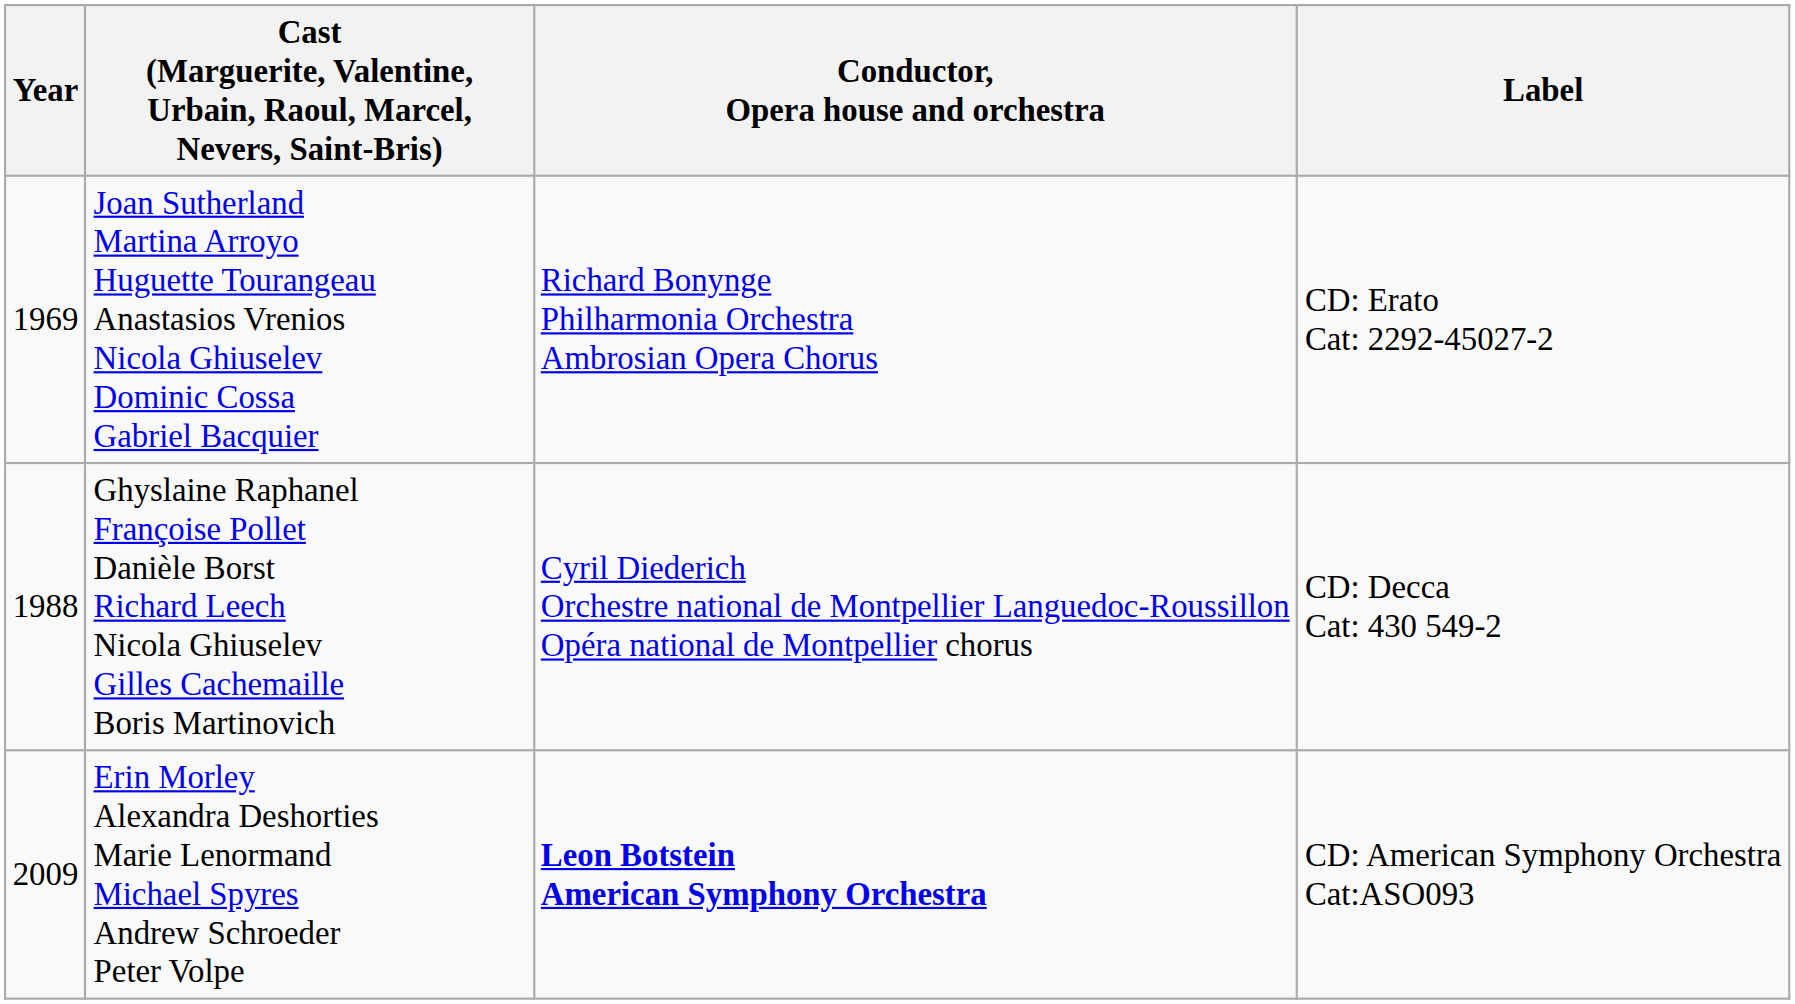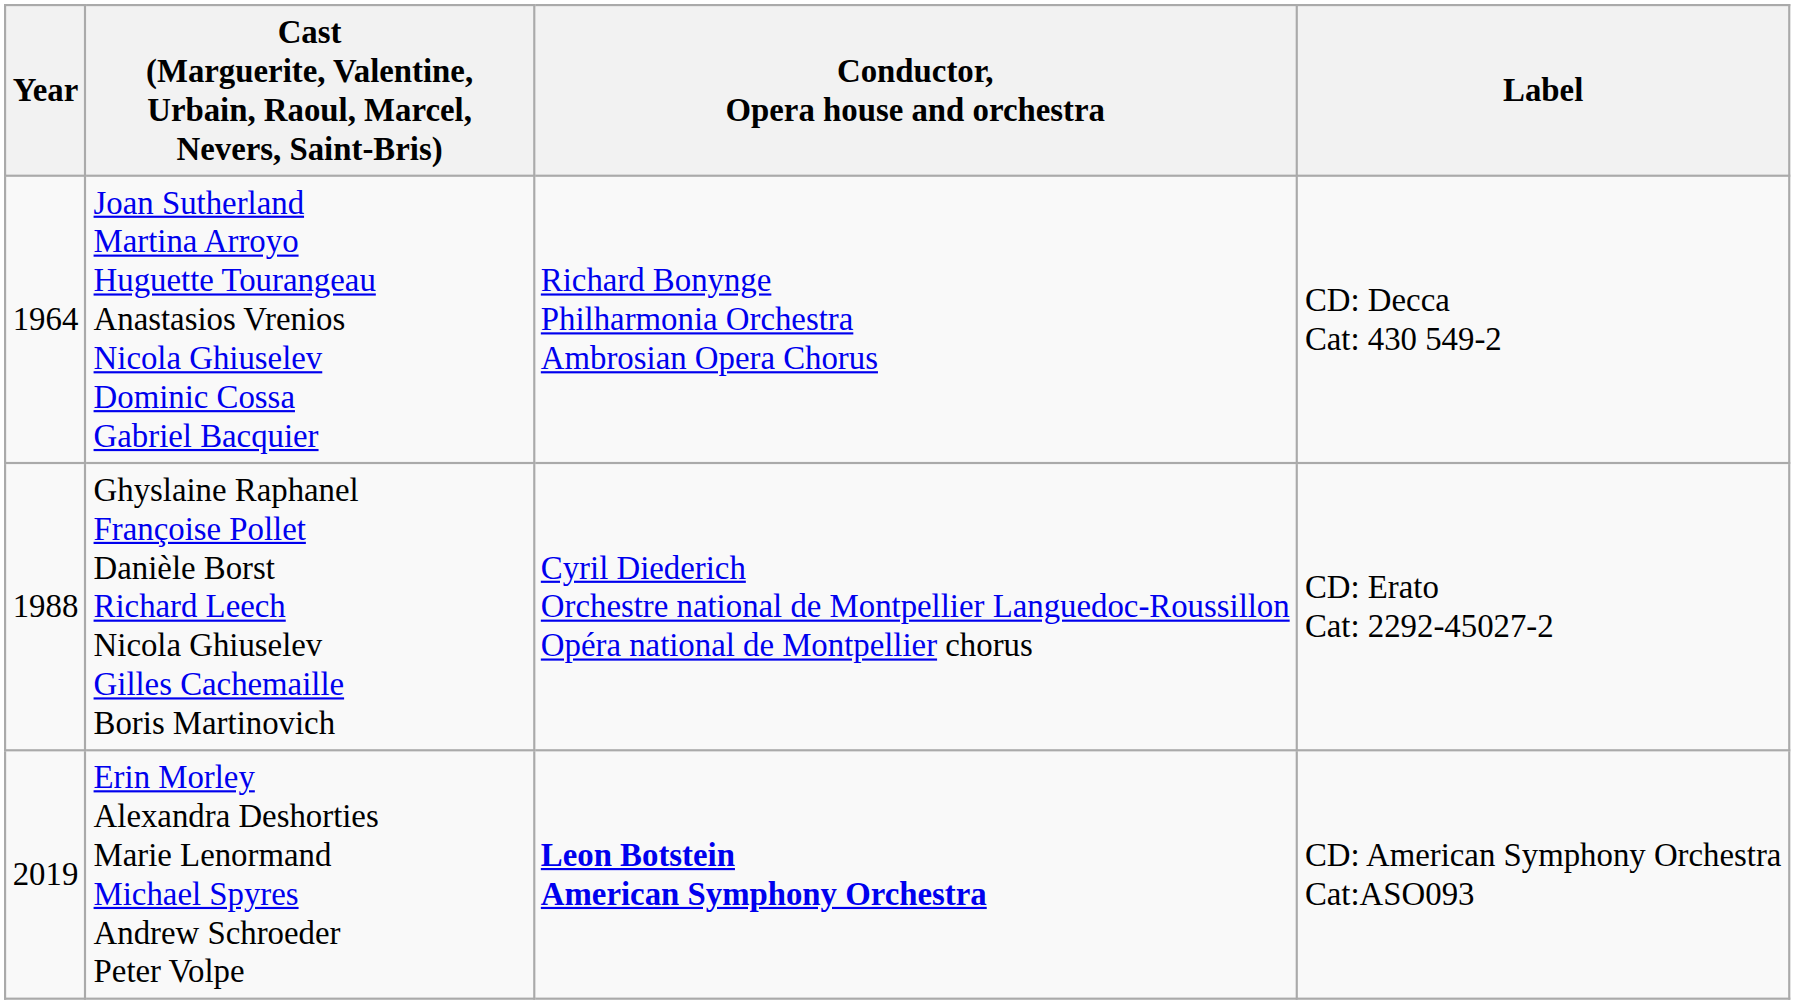 <table class="wikitable" style="font-size:95%;">
 <tr>
 <th>Year</th>
 <th width="200">Cast<br>(Marguerite, Valentine,<br>Urbain, Raoul, Marcel,<br>Nevers, Saint-Bris)</th>
 <th>Conductor,<br>Opera house and orchestra</th>
 <th>Label</th>
 </tr>
 <tr>
-<td>1969</td>
+<td>1964</td>
 <td><a href='#'>Joan Sutherland</a><br><a href='#'>Martina Arroyo</a><br><a href='#'>Huguette Tourangeau</a><br>Anastasios Vrenios<br><a href='#'>Nicola Ghiuselev</a><br><a href='#'>Dominic Cossa</a><br><a href='#'>Gabriel Bacquier</a></td>
 <td><a href='#'>Richard Bonynge</a><br><a href='#'>Philharmonia Orchestra</a><br><a href='#'>Ambrosian Opera Chorus</a></td>
-<td>CD: Erato<br>Cat: 2292-45027-2</td>
+<td>CD: Decca<br>Cat: 430 549-2</td>
 </tr>
 <tr>
 <td>1988</td>
 <td>Ghyslaine Raphanel<br><a href='#'>Françoise Pollet</a><br>Danièle Borst<br><a href='#'>Richard Leech</a><br>Nicola Ghiuselev<br><a href='#'>Gilles Cachemaille</a><br>Boris Martinovich</td>
 <td><a href='#'>Cyril Diederich</a><br><a href='#'>Orchestre national de Montpellier Languedoc-Roussillon</a><br><a href='#'>Opéra national de Montpellier</a> chorus</td>
-<td>CD: Decca<br>Cat: 430 549-2</td>
+<td>CD: Erato<br>Cat: 2292-45027-2</td>
 </tr>
 <tr>
-<td>2009</td>
+<td>2019</td>
 <td><a href='#'>Erin Morley</a><br>Alexandra Deshorties<br>Marie Lenormand<br><a href='#'>Michael Spyres</a><br>Andrew Schroeder<br>Peter Volpe<br></td>
 <td><strong><a href='#'>Leon Botstein</a><br><a href='#'>American Symphony Orchestra</a></strong></td>
 <td>CD: American Symphony Orchestra<br>Cat:ASO093</td>
 </tr>
 </table>
